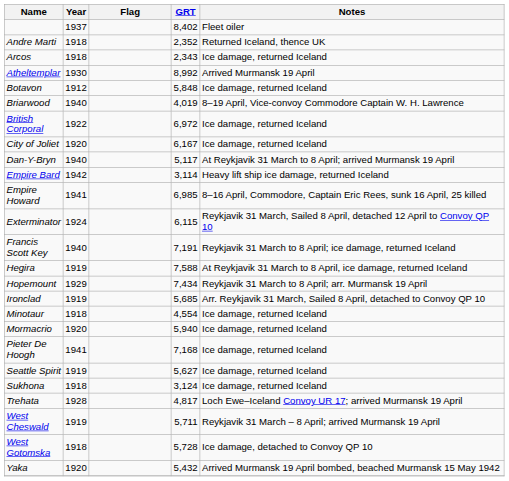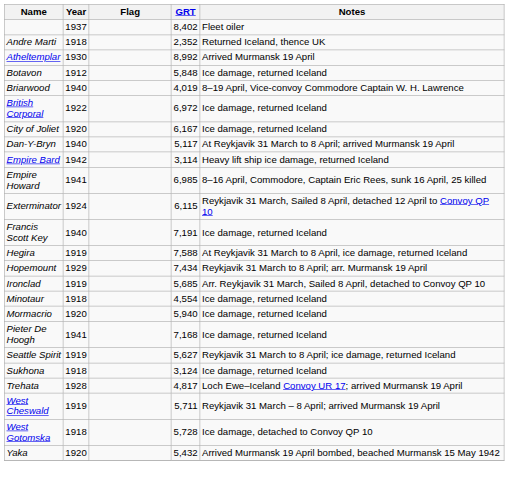 <table class="wikitable sortable">
 <tr>
 <th scope="col" width="90px">Name</th>
 <th scope="col" width="30px">Year</th>
 <th scope="col" width="130px">Flag</th>
 <th scope="col" width="30px"><a href='#'>GRT</a></th>
 <th scope="col" width="500px">Notes</th>
 </tr>
 <tr>
 <td align="left"></td>
 <td align="left">1937</td>
 <td align="left"></td>
 <td align="right">8,402</td>
 <td align="left">Fleet oiler</td>
 </tr>
 <tr>
 <td align="left"><em>Andre Marti</em></td>
 <td align="left">1918</td>
 <td align="left"></td>
 <td align="right">2,352</td>
 <td align="left">Returned Iceland, thence UK</td>
-</tr>
-<tr>
-<td align="left"><em>Arcos</em></td>
-<td align="left">1918</td>
-<td align="left"></td>
-<td align="right">2,343</td>
-<td align="left">Ice damage, returned Iceland</td>
 </tr>
 <tr>
 <td align="left"><em><a href='#'>Atheltemplar</a></em></td>
 <td align="left">1930</td>
 <td align="left"></td>
 <td align="right">8,992</td>
 <td align="left">Arrived Murmansk 19 April</td>
 </tr>
 <tr>
 <td align="left"><em>Botavon</em></td>
 <td align="left">1912</td>
 <td align="left"></td>
 <td align="right">5,848</td>
 <td align="left">Ice damage, returned Iceland</td>
 </tr>
 <tr>
 <td align="left"><em>Briarwood</em></td>
 <td align="left">1940</td>
 <td align="left"></td>
 <td align="right">4,019</td>
 <td align="left">8–19 April, Vice-convoy Commodore Captain W. H. Lawrence</td>
 </tr>
 <tr>
 <td align="left"><em><a href='#'>British Corporal</a></em></td>
 <td align="left">1922</td>
 <td align="left"></td>
 <td align="right">6,972</td>
 <td align="left">Ice damage, returned Iceland</td>
 </tr>
 <tr>
 <td align="left"><em>City of Joliet</em></td>
 <td align="left">1920</td>
 <td align="left"></td>
 <td align="right">6,167</td>
 <td align="left">Ice damage, returned Iceland</td>
 </tr>
 <tr>
 <td align="left"><em>Dan-Y-Bryn</em></td>
 <td align="left">1940</td>
 <td align="left"></td>
 <td align="right">5,117</td>
 <td align="left">At Reykjavik 31 March to 8 April; arrived Murmansk 19 April</td>
 </tr>
 <tr>
 <td align="left"><em><a href='#'>Empire Bard</a></em></td>
 <td align="left">1942</td>
 <td align="left"></td>
 <td align="right">3,114</td>
 <td align="left">Heavy lift ship ice damage, returned Iceland</td>
 </tr>
 <tr>
 <td align="left"><em>Empire Howard</em></td>
 <td align="left">1941</td>
 <td align="left"></td>
 <td align="right">6,985</td>
 <td align="left">8–16 April, Commodore, Captain Eric Rees, sunk 16 April,  25 killed</td>
 </tr>
 <tr>
 <td align="left"><em>Exterminator</em></td>
 <td align="left">1924</td>
 <td align="left"></td>
 <td align="right">6,115</td>
 <td align="left">Reykjavik 31 March, Sailed 8 April, detached 12 April to <a href='#'>Convoy QP 10</a></td>
 </tr>
 <tr>
 <td align="left"><em>Francis Scott Key</em></td>
 <td align="left">1940</td>
 <td align="left"></td>
 <td align="right">7,191</td>
-<td align="left">Reykjavik 31 March to 8 April; ice damage, returned Iceland</td>
+<td align="left">Ice damage, returned Iceland</td>
 </tr>
 <tr>
 <td align="left"><em>Hegira</em></td>
 <td align="left">1919</td>
 <td align="left"></td>
 <td align="right">7,588</td>
 <td align="left">At Reykjavik 31 March to 8 April, ice damage, returned Iceland</td>
 </tr>
 <tr>
 <td align="left"><em>Hopemount</em></td>
 <td align="left">1929</td>
 <td align="left"></td>
 <td align="right">7,434</td>
 <td align="left">Reykjavik 31 March to 8 April; arr. Murmansk 19 April</td>
 </tr>
 <tr>
 <td align="left"><em>Ironclad</em></td>
 <td align="left">1919</td>
 <td align="left"></td>
 <td align="right">5,685</td>
 <td align="left">Arr. Reykjavik 31 March, Sailed 8 April, detached to Convoy QP 10</td>
 </tr>
 <tr>
 <td align="left"><em>Minotaur</em></td>
 <td align="left">1918</td>
 <td align="left"></td>
 <td align="right">4,554</td>
 <td align="left">Ice damage, returned Iceland</td>
 </tr>
 <tr>
 <td align="left"><em>Mormacrio</em></td>
 <td align="left">1920</td>
 <td align="left"></td>
 <td align="right">5,940</td>
 <td align="left">Ice damage, returned Iceland</td>
 </tr>
 <tr>
 <td align="left"><em>Pieter De Hoogh</em></td>
 <td align="left">1941</td>
 <td align="left"></td>
 <td align="right">7,168</td>
 <td align="left">Ice damage, returned Iceland</td>
 </tr>
 <tr>
 <td align="left"><em>Seattle Spirit</em></td>
 <td align="left">1919</td>
 <td align="left"></td>
 <td align="right">5,627</td>
-<td align="left">Ice damage, returned Iceland</td>
+<td align="left">Reykjavik 31 March to 8 April; ice damage, returned Iceland</td>
 </tr>
 <tr>
 <td align="left"><em>Sukhona</em></td>
 <td align="left">1918</td>
 <td align="left"></td>
 <td align="right">3,124</td>
 <td align="left">Ice damage, returned Iceland</td>
 </tr>
 <tr>
 <td align="left"><em>Trehata</em></td>
 <td align="left">1928</td>
 <td align="left"></td>
 <td align="right">4,817</td>
 <td align="left">Loch Ewe–Iceland <a href='#'>Convoy UR 17</a>; arrived Murmansk 19 April</td>
 </tr>
 <tr>
 <td align="left"><em><a href='#'>West Cheswald</a></em></td>
 <td align="left">1919</td>
 <td align="left"></td>
 <td align="right">5,711</td>
 <td align="left">Reykjavik 31 March – 8 April; arrived Murmansk 19 April</td>
 </tr>
 <tr>
 <td align="left"><em><a href='#'>West Gotomska</a></em></td>
 <td align="left">1918</td>
 <td align="left"></td>
 <td align="right">5,728</td>
 <td align="left">Ice damage, detached to Convoy QP 10</td>
 </tr>
 <tr>
 <td align="left"><em>Yaka</em></td>
 <td align="left">1920</td>
 <td align="left"></td>
 <td align="right">5,432</td>
 <td align="left">Arrived Murmansk 19 April bombed, beached Murmansk 15 May 1942</td>
 </tr>
 <tr>
 </tr>
 </table>
